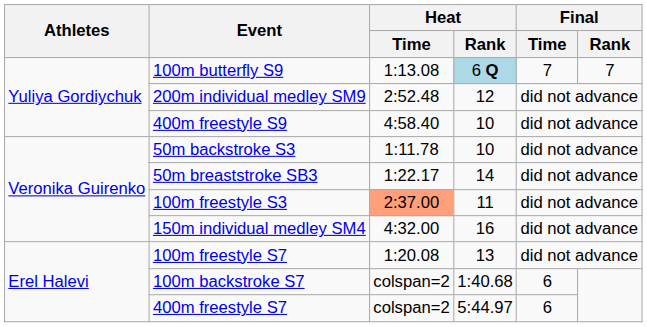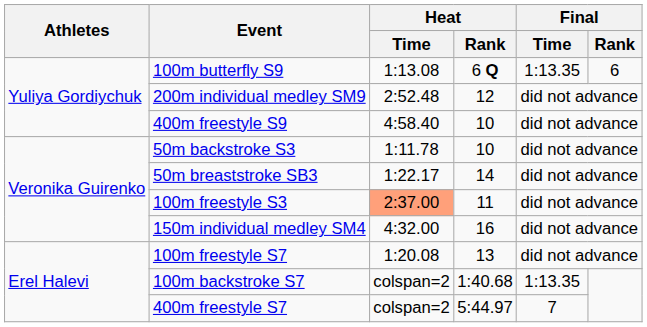 <table class=wikitable style="text-align:center">
 <tr>
 <th rowspan=2>Athletes</th>
 <th rowspan=2>Event</th>
 <th colspan=2>Heat</th>
 <th colspan=2>Final</th>
 </tr>
 <tr>
 <th>Time</th>
 <th>Rank</th>
 <th>Time</th>
 <th>Rank</th>
 </tr>
 <tr>
 <td align=left rowspan=3><a href='#'>Yuliya Gordiychuk</a></td>
 <td align=left><a href='#'>100m butterfly S9</a></td>
 <td>1:13.08</td>
-<td style="background: lightblue;">6 <strong>Q</strong></td>
-<td>7</td>
-<td>7</td>
+<td>6 <strong>Q</strong></td>
+<td>1:13.35</td>
+<td>6</td>
 </tr>
 <tr>
 <td align=left><a href='#'>200m individual medley SM9</a></td>
 <td>2:52.48</td>
 <td>12</td>
 <td colspan=2>did not advance</td>
 </tr>
 <tr>
 <td align=left><a href='#'>400m freestyle S9</a></td>
 <td>4:58.40</td>
 <td>10</td>
 <td colspan=2>did not advance</td>
 </tr>
 <tr>
 <td align=left rowspan=4><a href='#'>Veronika Guirenko</a></td>
 <td align=left><a href='#'>50m backstroke S3</a></td>
 <td>1:11.78</td>
 <td>10</td>
 <td colspan=2>did not advance</td>
 </tr>
 <tr>
 <td align=left><a href='#'>50m breaststroke SB3</a></td>
 <td>1:22.17</td>
 <td>14</td>
 <td colspan=2>did not advance</td>
 </tr>
 <tr>
 <td align=left><a href='#'>100m freestyle S3</a></td>
 <td style="background: lightsalmon;">2:37.00</td>
 <td>11</td>
 <td colspan=2>did not advance</td>
 </tr>
 <tr>
 <td align=left><a href='#'>150m individual medley SM4</a></td>
 <td>4:32.00</td>
 <td>16</td>
 <td colspan=2>did not advance</td>
 </tr>
 <tr>
 <td align=left rowspan=3><a href='#'>Erel Halevi</a></td>
 <td align=left><a href='#'>100m freestyle S7</a></td>
 <td>1:20.08</td>
 <td>13</td>
 <td colspan=2>did not advance</td>
 </tr>
 <tr>
 <td align=left><a href='#'>100m backstroke S7</a></td>
 <td>colspan=2 </td>
 <td>1:40.68</td>
-<td>6</td>
+<td>1:13.35</td>
 </tr>
 <tr>
 <td align=left><a href='#'>400m freestyle S7</a></td>
 <td>colspan=2 </td>
 <td>5:44.97</td>
-<td>6</td>
+<td>7</td>
 </tr>
 </table>
